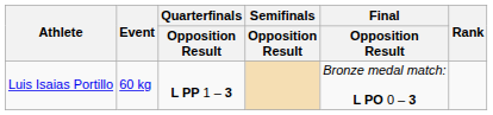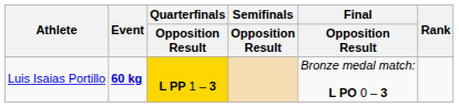 <table class="wikitable" border="1" style="font-size:90%">
 <tr>
 <th rowspan=2>Athlete</th>
 <th rowspan=2>Event</th>
 <th>Quarterfinals</th>
 <th>Semifinals</th>
 <th>Final</th>
 <th rowspan=2>Rank</th>
 </tr>
 <tr>
 <th>Opposition<br>Result</th>
 <th>Opposition<br>Result</th>
 <th>Opposition<br>Result</th>
 </tr>
 <tr>
 <td><a href='#'>Luis Isaias Portillo</a></td>
-<td><a href='#'>60 kg</a></td>
-<td align=center><br><strong>L PP</strong> 1 – <strong>3</strong></td>
+<td><strong><a href='#'>60 kg</a></strong></td>
+<td align=center style="background: gold;"><br><strong>L PP</strong> 1 – <strong>3</strong></td>
 <td bgcolor=wheat></td>
 <td align=center><em>Bronze medal match:</em><br><br><strong>L PO</strong> 0 – <strong>3</strong></td>
 <td align=center></td>
 </tr>
 </table>
